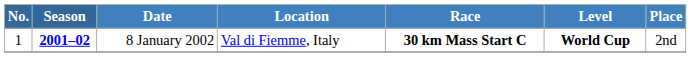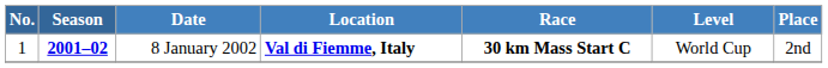 <table class="wikitable sortable" style="font-size:95%; text-align:center; border:grey solid 1px; border-collapse:collapse; background:#ffffff;">
 <tr style="background:#efefef;">
 <th style="background-color:#369; color:white;">No.</th>
 <th style="background-color:#369; color:white;">Season</th>
 <th style="background-color:#4180be; color:white; width:120px;">Date</th>
 <th style="background-color:#4180be; color:white; width:170px;">Location</th>
 <th style="background-color:#4180be; color:white; width:160px;">Race</th>
 <th style="background-color:#4180be; color:white; width:100px;">Level</th>
 <th style="background-color:#4180be; color:white;">Place</th>
 </tr>
 <tr>
 <td align=center>1</td>
 <td rowspan=1 align=center><strong> <a href='#'>2001–02</a> </strong></td>
 <td align=right>8 January 2002</td>
-<td align=left> <a href='#'>Val di Fiemme</a>, Italy</td>
+<td align=left><strong> <a href='#'>Val di Fiemme</a>, Italy</strong></td>
 <td><strong>30 km Mass Start C</strong></td>
-<td><strong>World Cup</strong></td>
+<td>World Cup</td>
 <td>2nd</td>
 </tr>
 <tr>
 </tr>
 </table>
